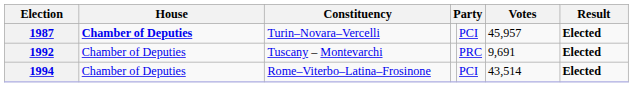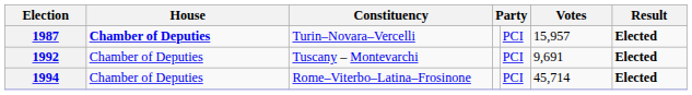 <table class=wikitable style="width:65%; border:1px #AAAAFF solid">
 <tr>
 <th width=12%>Election</th>
 <th width=30%>House</th>
 <th width=30%>Constituency</th>
 <th width=5% colspan="2">Party</th>
 <th width=12%>Votes</th>
 <th width=15%>Result</th>
 </tr>
 <tr>
 <th><a href='#'>1987</a></th>
 <td><strong><a href='#'>Chamber of Deputies</a></strong></td>
 <td><a href='#'>Turin–Novara–Vercelli</a></td>
 <td></td>
 <td><a href='#'>PCI</a></td>
-<td>45,957</td>
+<td>15,957</td>
 <td> <strong>Elected</strong></td>
 </tr>
 <tr>
 <th><a href='#'>1992</a></th>
 <td><a href='#'>Chamber of Deputies</a></td>
 <td><a href='#'>Tuscany</a> – <a href='#'>Montevarchi</a></td>
 <td></td>
-<td><a href='#'>PRC</a></td>
+<td><a href='#'>PCI</a></td>
 <td>9,691</td>
 <td> <strong>Elected</strong></td>
 </tr>
 <tr>
 <th><a href='#'>1994</a></th>
 <td><a href='#'>Chamber of Deputies</a></td>
 <td><a href='#'>Rome–Viterbo–Latina–Frosinone</a></td>
 <td></td>
 <td><a href='#'>PCI</a></td>
-<td>43,514</td>
+<td>45,714</td>
 <td> <strong>Elected</strong></td>
 </tr>
 <tr>
 </tr>
 </table>
